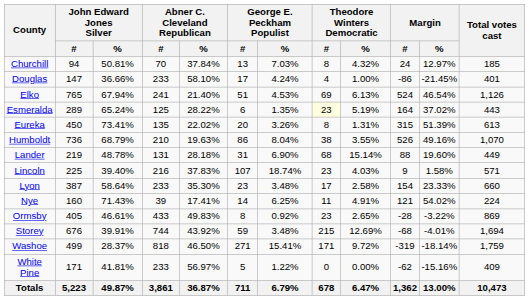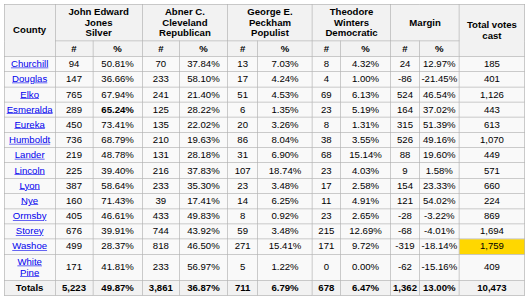 <table class="wikitable sortable" style="text-align:center">
 <tr>
 <th rowspan="2">County</th>
 <th style="text-align:center;" colspan="2">John Edward Jones<br>Silver</th>
 <th style="text-align:center;" colspan="2">Abner C. Cleveland<br>Republican</th>
 <th style="text-align:center;" colspan="2">George E. Peckham<br>Populist</th>
 <th style="text-align:center;" colspan="2">Theodore Winters<br>Democratic</th>
 <th style="text-align:center;" colspan="2">Margin</th>
 <th style="text-align:center;" rowspan="2">Total votes cast</th>
 </tr>
 <tr>
 <th style="text-align:center;" data-sort-type="number">#</th>
 <th style="text-align:center;" data-sort-type="number">%</th>
 <th style="text-align:center;" data-sort-type="number">#</th>
 <th style="text-align:center;" data-sort-type="number">%</th>
 <th style="text-align:center;" data-sort-type="number">#</th>
 <th style="text-align:center;" data-sort-type="number">%</th>
 <th style="text-align:center;" data-sort-type="number">#</th>
 <th style="text-align:center;" data-sort-type="number">%</th>
 <th style="text-align:center;" data-sort-type="number">#</th>
 <th style="text-align:center;" data-sort-type="number">%</th>
 </tr>
 <tr style="text-align:center;">
 <td><a href='#'>Churchill</a></td>
 <td>94</td>
 <td>50.81%</td>
 <td>70</td>
 <td>37.84%</td>
 <td>13</td>
 <td>7.03%</td>
 <td>8</td>
 <td>4.32%</td>
 <td>24</td>
 <td>12.97%</td>
 <td>185</td>
 </tr>
 <tr style="text-align:center;">
 <td><a href='#'>Douglas</a></td>
 <td>147</td>
 <td>36.66%</td>
 <td>233</td>
 <td>58.10%</td>
 <td>17</td>
 <td>4.24%</td>
 <td>4</td>
 <td>1.00%</td>
 <td>-86</td>
 <td>-21.45%</td>
 <td>401</td>
 </tr>
 <tr style="text-align:center;">
 <td><a href='#'>Elko</a></td>
 <td>765</td>
 <td>67.94%</td>
 <td>241</td>
 <td>21.40%</td>
 <td>51</td>
 <td>4.53%</td>
 <td>69</td>
 <td>6.13%</td>
 <td>524</td>
 <td>46.54%</td>
 <td>1,126</td>
 </tr>
 <tr style="text-align:center;">
 <td><a href='#'>Esmeralda</a></td>
 <td>289</td>
-<td>65.24%</td>
+<td><strong>65.24%</strong></td>
 <td>125</td>
 <td>28.22%</td>
 <td>6</td>
 <td>1.35%</td>
-<td style="background: lightyellow;">23</td>
+<td>23</td>
 <td>5.19%</td>
 <td>164</td>
 <td>37.02%</td>
 <td>443</td>
 </tr>
 <tr style="text-align:center;">
 <td><a href='#'>Eureka</a></td>
 <td>450</td>
 <td>73.41%</td>
 <td>135</td>
 <td>22.02%</td>
 <td>20</td>
 <td>3.26%</td>
 <td>8</td>
 <td>1.31%</td>
 <td>315</td>
 <td>51.39%</td>
 <td>613</td>
 </tr>
 <tr style="text-align:center;">
 <td><a href='#'>Humboldt</a></td>
 <td>736</td>
 <td>68.79%</td>
 <td>210</td>
 <td>19.63%</td>
 <td>86</td>
 <td>8.04%</td>
 <td>38</td>
 <td>3.55%</td>
 <td>526</td>
 <td>49.16%</td>
 <td>1,070</td>
 </tr>
 <tr style="text-align:center;">
 <td><a href='#'>Lander</a></td>
 <td>219</td>
 <td>48.78%</td>
 <td>131</td>
 <td>28.18%</td>
 <td>31</td>
 <td>6.90%</td>
 <td>68</td>
 <td>15.14%</td>
 <td>88</td>
 <td>19.60%</td>
 <td>449</td>
 </tr>
 <tr style="text-align:center;">
 <td><a href='#'>Lincoln</a></td>
 <td>225</td>
 <td>39.40%</td>
 <td>216</td>
 <td>37.83%</td>
 <td>107</td>
 <td>18.74%</td>
 <td>23</td>
 <td>4.03%</td>
 <td>9</td>
 <td>1.58%</td>
 <td>571</td>
 </tr>
 <tr style="text-align:center;">
 <td><a href='#'>Lyon</a></td>
 <td>387</td>
 <td>58.64%</td>
 <td>233</td>
 <td>35.30%</td>
 <td>23</td>
 <td>3.48%</td>
 <td>17</td>
 <td>2.58%</td>
 <td>154</td>
 <td>23.33%</td>
 <td>660</td>
 </tr>
 <tr style="text-align:center;">
 <td><a href='#'>Nye</a></td>
 <td>160</td>
 <td>71.43%</td>
 <td>39</td>
 <td>17.41%</td>
 <td>14</td>
 <td>6.25%</td>
 <td>11</td>
 <td>4.91%</td>
 <td>121</td>
 <td>54.02%</td>
 <td>224</td>
 </tr>
 <tr style="text-align:center;">
 <td><a href='#'>Ormsby</a></td>
 <td>405</td>
 <td>46.61%</td>
 <td>433</td>
 <td>49.83%</td>
 <td>8</td>
 <td>0.92%</td>
 <td>23</td>
 <td>2.65%</td>
 <td>-28</td>
 <td>-3.22%</td>
 <td>869</td>
 </tr>
 <tr style="text-align:center;">
 <td><a href='#'>Storey</a></td>
 <td>676</td>
 <td>39.91%</td>
 <td>744</td>
 <td>43.92%</td>
 <td>59</td>
 <td>3.48%</td>
 <td>215</td>
 <td>12.69%</td>
 <td>-68</td>
 <td>-4.01%</td>
 <td>1,694</td>
 </tr>
 <tr style="text-align:center;">
 <td><a href='#'>Washoe</a></td>
 <td>499</td>
 <td>28.37%</td>
 <td>818</td>
 <td>46.50%</td>
 <td>271</td>
 <td>15.41%</td>
 <td>171</td>
 <td>9.72%</td>
 <td>-319</td>
 <td>-18.14%</td>
-<td>1,759</td>
+<td style="background: gold;">1,759</td>
 </tr>
 <tr style="text-align:center;">
 <td><a href='#'>White Pine</a></td>
 <td>171</td>
 <td>41.81%</td>
 <td>233</td>
 <td>56.97%</td>
 <td>5</td>
 <td>1.22%</td>
 <td>0</td>
 <td>0.00%</td>
 <td>-62</td>
 <td>-15.16%</td>
 <td>409</td>
 </tr>
 <tr style="text-align:center;">
 <th>Totals</th>
 <th>5,223</th>
 <th>49.87%</th>
 <th>3,861</th>
 <th>36.87%</th>
 <th>711</th>
 <th>6.79%</th>
 <th>678</th>
 <th>6.47%</th>
 <th>1,362</th>
 <th>13.00%</th>
 <th>10,473</th>
 </tr>
 </table>
